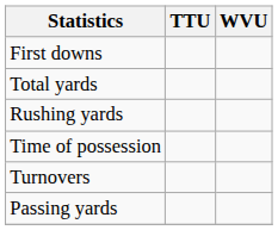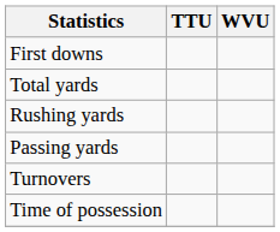 <table class="wikitable" style="float: left;">
 <tr>
 <th>Statistics</th>
 <th>TTU</th>
 <th>WVU</th>
 </tr>
 <tr>
 <td>First downs</td>
 <td></td>
 <td></td>
 </tr>
 <tr>
 <td>Total yards</td>
 <td></td>
 <td></td>
 </tr>
 <tr>
 <td>Rushing yards</td>
 <td></td>
 <td></td>
 </tr>
 <tr>
-<td>Time of possession</td>
+<td>Passing yards</td>
 <td></td>
 <td></td>
 </tr>
 <tr>
 <td>Turnovers</td>
 <td></td>
 <td></td>
 </tr>
 <tr>
-<td>Passing yards</td>
+<td>Time of possession</td>
 <td></td>
 <td></td>
 </tr>
 <tr>
 </tr>
 </table>
